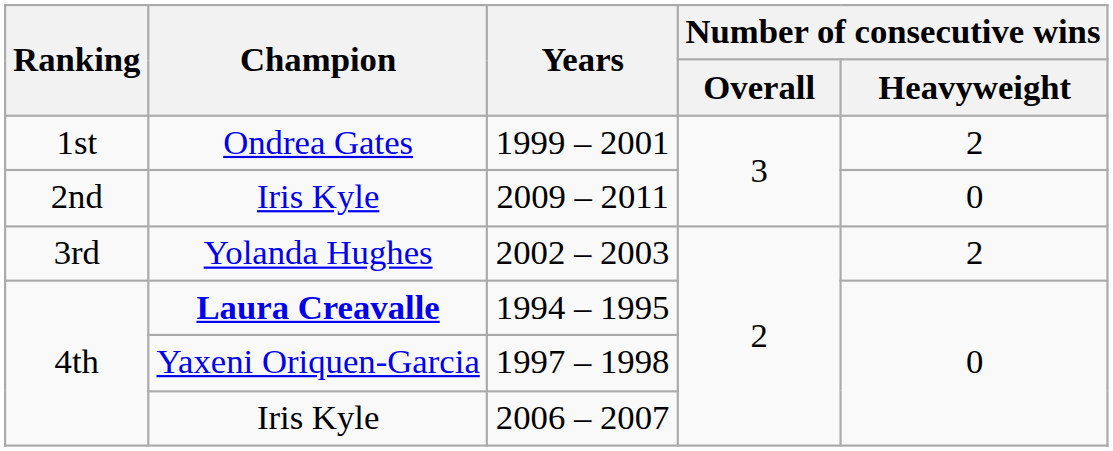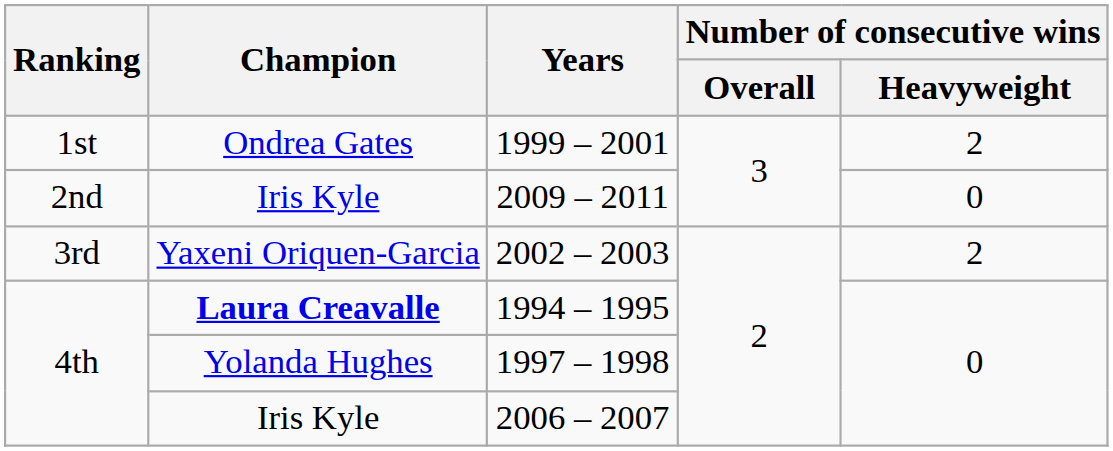 <table class="wikitable sortable" " style="text-align: center">
 <tr>
 <th rowspan=2 colspan=1 align="center">Ranking</th>
 <th rowspan=2 colspan=1 align="center">Champion</th>
 <th rowspan=2 colspan=1 align="center">Years</th>
 <th rowspan=1 colspan=2 align="center">Number of consecutive wins</th>
 </tr>
 <tr>
 <th>Overall</th>
 <th>Heavyweight</th>
 </tr>
 <tr>
 <td>1st</td>
 <td> <a href='#'>Ondrea Gates</a></td>
 <td>1999 – 2001</td>
 <td rowspan=2 colspan=1>3</td>
 <td>2</td>
 </tr>
 <tr>
 <td>2nd</td>
 <td> <a href='#'>Iris Kyle</a></td>
 <td>2009 – 2011</td>
 <td>0</td>
 </tr>
 <tr>
 <td>3rd</td>
-<td> <a href='#'>Yolanda Hughes</a></td>
+<td>  <a href='#'>Yaxeni Oriquen-Garcia</a></td>
 <td>2002 – 2003</td>
 <td rowspan=4 colspan=1>2</td>
 <td>2</td>
 </tr>
 <tr>
 <td rowspan=3 colspan=1>4th</td>
 <td><strong> <a href='#'>Laura Creavalle</a></strong></td>
 <td>1994 – 1995</td>
 <td rowspan=3 colspan=1>0</td>
 </tr>
 <tr>
-<td>  <a href='#'>Yaxeni Oriquen-Garcia</a></td>
+<td> <a href='#'>Yolanda Hughes</a></td>
 <td>1997 – 1998</td>
 </tr>
 <tr>
 <td> Iris Kyle</td>
 <td>2006 – 2007</td>
 </tr>
 </table>
